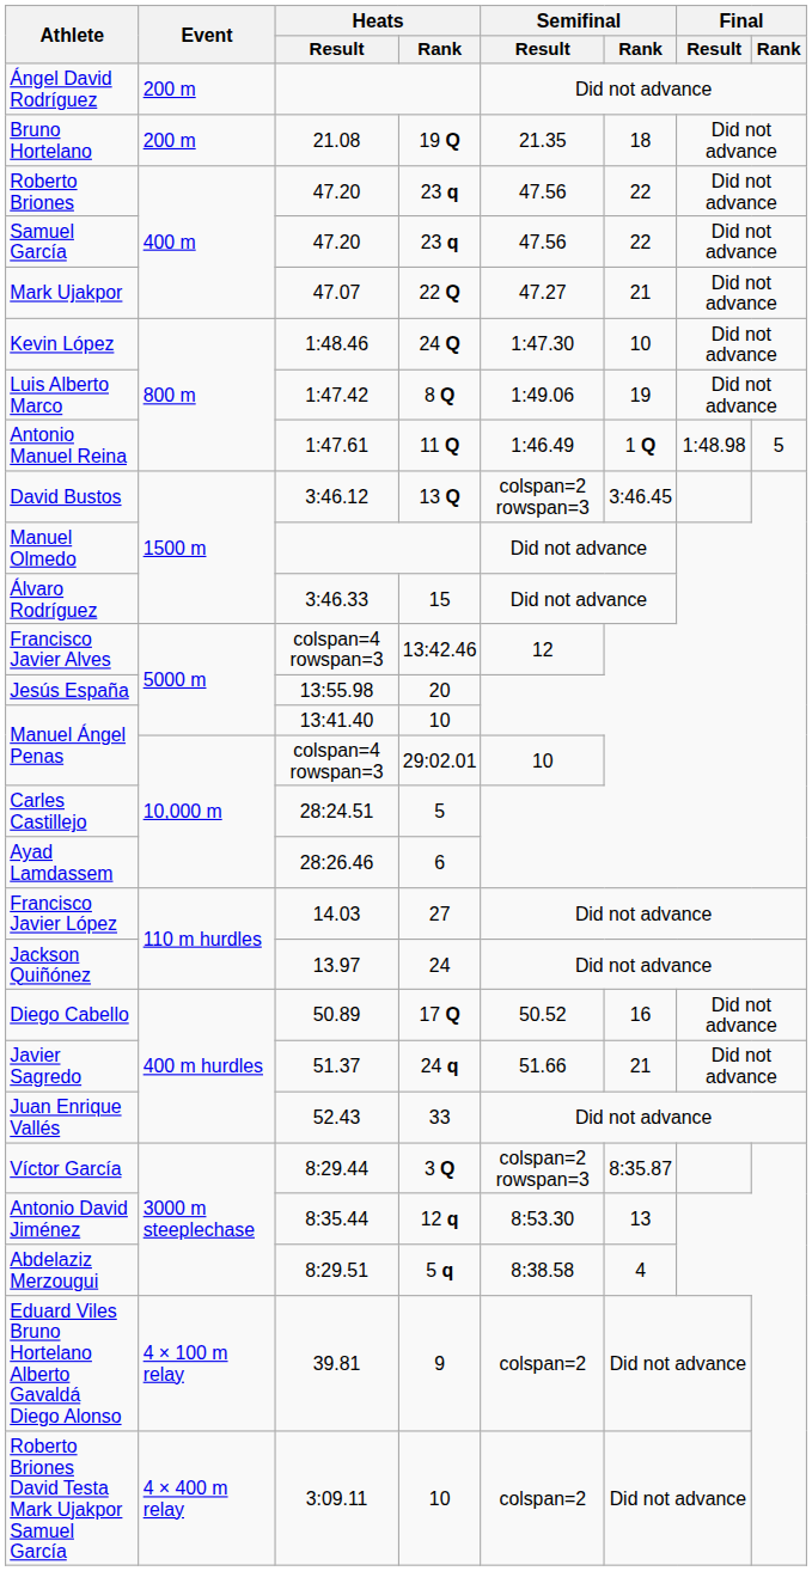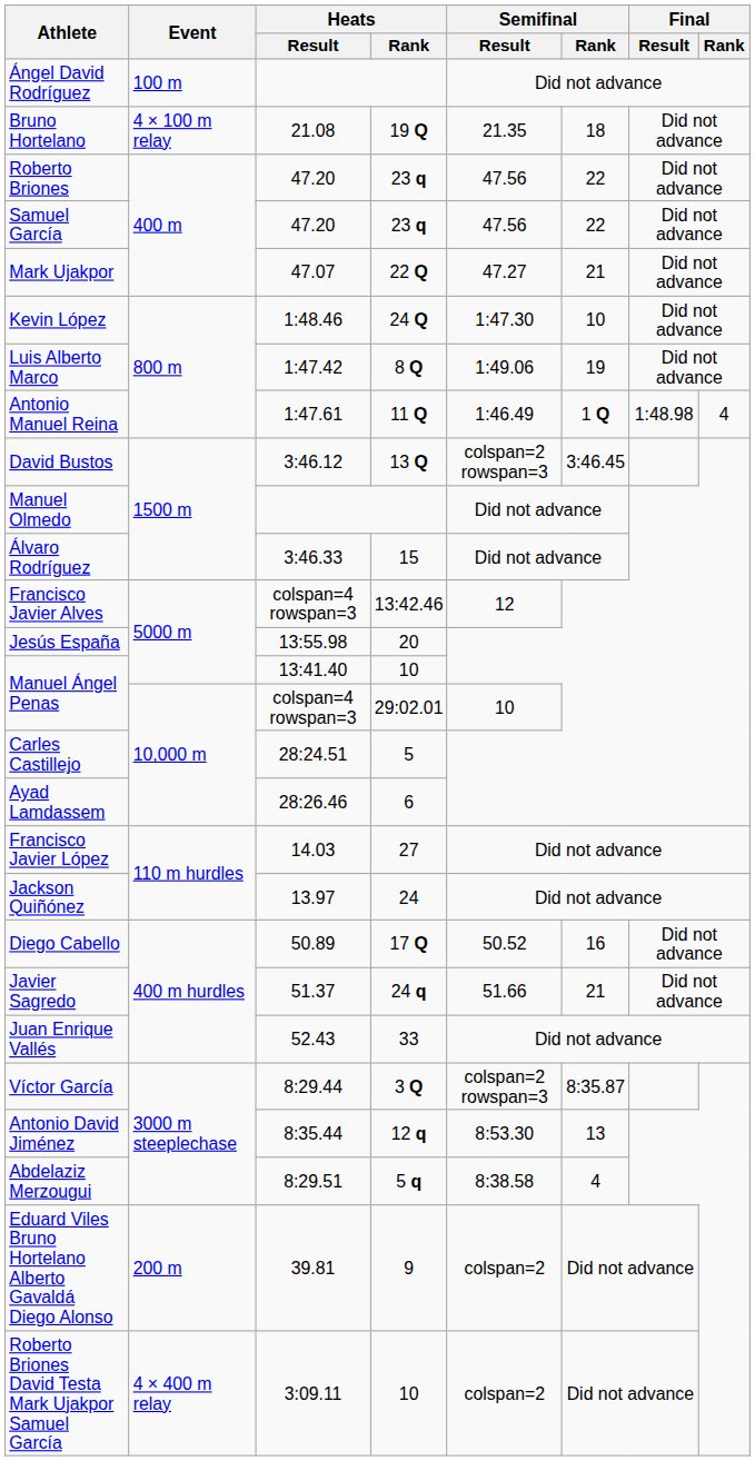 <table class="wikitable" style="font-size:90%">
 <tr>
 <th rowspan="2">Athlete</th>
 <th rowspan="2">Event</th>
 <th colspan="2">Heats</th>
 <th colspan="2">Semifinal</th>
 <th colspan="2">Final</th>
 </tr>
 <tr style="font-size:95%">
 <th>Result</th>
 <th>Rank</th>
 <th>Result</th>
 <th>Rank</th>
 <th>Result</th>
 <th>Rank</th>
 </tr>
 <tr align=center>
 <td align=left><a href='#'>Ángel David Rodríguez</a></td>
-<td align=left><a href='#'>200 m</a></td>
+<td align=left><a href='#'>100 m</a></td>
 <td colspan=2></td>
 <td colspan=4>Did not advance</td>
 </tr>
 <tr align=center>
 <td align=left><a href='#'>Bruno Hortelano</a></td>
-<td align=left><a href='#'>200 m</a></td>
+<td align=left><a href='#'>4 × 100 m relay</a></td>
 <td>21.08</td>
 <td>19 <strong>Q</strong></td>
 <td>21.35</td>
 <td>18</td>
 <td colspan=2>Did not advance</td>
 </tr>
 <tr align=center>
 <td align=left><a href='#'>Roberto Briones</a></td>
 <td align=left rowspan=3><a href='#'>400 m</a></td>
 <td>47.20</td>
 <td>23 <strong>q</strong></td>
 <td>47.56</td>
 <td>22</td>
 <td colspan=2>Did not advance</td>
 </tr>
 <tr align=center>
 <td align=left><a href='#'>Samuel García</a></td>
 <td>47.20</td>
 <td>23 <strong>q</strong></td>
 <td>47.56</td>
 <td>22</td>
 <td colspan=2>Did not advance</td>
 </tr>
 <tr align=center>
 <td align=left><a href='#'>Mark Ujakpor</a></td>
 <td>47.07</td>
 <td>22 <strong>Q</strong></td>
 <td>47.27</td>
 <td>21</td>
 <td colspan=2>Did not advance</td>
 </tr>
 <tr align=center>
 <td align=left><a href='#'>Kevin López</a></td>
 <td align=left rowspan=3><a href='#'>800 m</a></td>
 <td>1:48.46</td>
 <td>24 <strong>Q</strong></td>
 <td>1:47.30</td>
 <td>10</td>
 <td colspan=2>Did not advance</td>
 </tr>
 <tr align=center>
 <td align=left><a href='#'>Luis Alberto Marco</a></td>
 <td>1:47.42</td>
 <td>8 <strong>Q</strong></td>
 <td>1:49.06</td>
 <td>19</td>
 <td colspan=2>Did not advance</td>
 </tr>
 <tr align=center>
 <td align=left><a href='#'>Antonio Manuel Reina</a></td>
 <td>1:47.61</td>
 <td>11 <strong>Q</strong></td>
 <td>1:46.49</td>
 <td>1 <strong>Q</strong></td>
 <td>1:48.98</td>
-<td>5</td>
+<td>4</td>
 </tr>
 <tr align=center>
 <td align=left><a href='#'>David Bustos</a></td>
 <td align=left rowspan=3><a href='#'>1500 m</a></td>
 <td>3:46.12</td>
 <td>13 <strong>Q</strong></td>
 <td>colspan=2 rowspan=3 </td>
 <td>3:46.45</td>
 <td></td>
 </tr>
 <tr align=center>
 <td align=left><a href='#'>Manuel Olmedo</a></td>
 <td colspan=2></td>
 <td colspan=2>Did not advance</td>
 </tr>
 <tr align=center>
 <td align=left><a href='#'>Álvaro Rodríguez</a></td>
 <td>3:46.33</td>
 <td>15</td>
 <td colspan=2>Did not advance</td>
 </tr>
 <tr align=center>
 <td align=left><a href='#'>Francisco Javier Alves</a></td>
 <td align=left rowspan=3><a href='#'>5000 m</a></td>
 <td>colspan=4 rowspan=3 </td>
 <td>13:42.46</td>
 <td>12</td>
 </tr>
 <tr align=center>
 <td align=left><a href='#'>Jesús España</a></td>
 <td>13:55.98</td>
 <td>20</td>
 </tr>
 <tr align=center>
 <td align=left rowspan=2><a href='#'>Manuel Ángel Penas</a></td>
 <td>13:41.40</td>
 <td>10</td>
 </tr>
 <tr align=center>
 <td align=left rowspan=3><a href='#'>10,000 m</a></td>
 <td>colspan=4 rowspan=3 </td>
 <td>29:02.01</td>
 <td>10</td>
 </tr>
 <tr align=center>
 <td align=left><a href='#'>Carles Castillejo</a></td>
 <td>28:24.51</td>
 <td>5</td>
 </tr>
 <tr align=center>
 <td align=left><a href='#'>Ayad Lamdassem</a></td>
 <td>28:26.46</td>
 <td>6</td>
 </tr>
 <tr align=center>
 <td align=left><a href='#'>Francisco Javier López</a></td>
 <td align=left rowspan=2><a href='#'>110 m hurdles</a></td>
 <td>14.03</td>
 <td>27</td>
 <td colspan=4>Did not advance</td>
 </tr>
 <tr align=center>
 <td align=left><a href='#'>Jackson Quiñónez</a></td>
 <td>13.97</td>
 <td>24</td>
 <td colspan=4>Did not advance</td>
 </tr>
 <tr align=center>
 <td align=left><a href='#'>Diego Cabello</a></td>
 <td align=left rowspan=3><a href='#'>400 m hurdles</a></td>
 <td>50.89</td>
 <td>17 <strong>Q</strong></td>
 <td>50.52</td>
 <td>16</td>
 <td colspan=2>Did not advance</td>
 </tr>
 <tr align=center>
 <td align=left><a href='#'>Javier Sagredo</a></td>
 <td>51.37</td>
 <td>24 <strong>q</strong></td>
 <td>51.66</td>
 <td>21</td>
 <td colspan=2>Did not advance</td>
 </tr>
 <tr align=center>
 <td align=left><a href='#'>Juan Enrique Vallés</a></td>
 <td>52.43</td>
 <td>33</td>
 <td colspan=4>Did not advance</td>
 </tr>
 <tr align=center>
 <td align=left><a href='#'>Víctor García</a></td>
 <td align=left rowspan=3><a href='#'>3000 m steeplechase</a></td>
 <td>8:29.44</td>
 <td>3 <strong>Q</strong></td>
 <td>colspan=2 rowspan=3 </td>
 <td>8:35.87</td>
 <td></td>
 </tr>
 <tr align=center>
 <td align=left><a href='#'>Antonio David Jiménez</a></td>
 <td>8:35.44</td>
 <td>12 <strong>q</strong></td>
 <td>8:53.30</td>
 <td>13</td>
 </tr>
 <tr align=center>
 <td align=left><a href='#'>Abdelaziz Merzougui</a></td>
 <td>8:29.51</td>
 <td>5 <strong>q</strong></td>
 <td>8:38.58</td>
 <td>4</td>
 </tr>
 <tr align=center>
 <td align=left><a href='#'>Eduard Viles</a><br><a href='#'>Bruno Hortelano</a><br><a href='#'>Alberto Gavaldá</a><br><a href='#'>Diego Alonso</a></td>
-<td align=left><a href='#'>4 × 100 m relay</a></td>
+<td align=left><a href='#'>200 m</a></td>
 <td>39.81</td>
 <td>9</td>
 <td>colspan=2 </td>
 <td colspan=2>Did not advance</td>
 </tr>
 <tr align=center>
 <td align=left><a href='#'>Roberto Briones</a><br><a href='#'>David Testa</a><br><a href='#'>Mark Ujakpor</a><br><a href='#'>Samuel García</a></td>
 <td align=left><a href='#'>4 × 400 m relay</a></td>
 <td>3:09.11</td>
 <td>10</td>
 <td>colspan=2 </td>
 <td colspan=2>Did not advance</td>
 </tr>
 </table>
